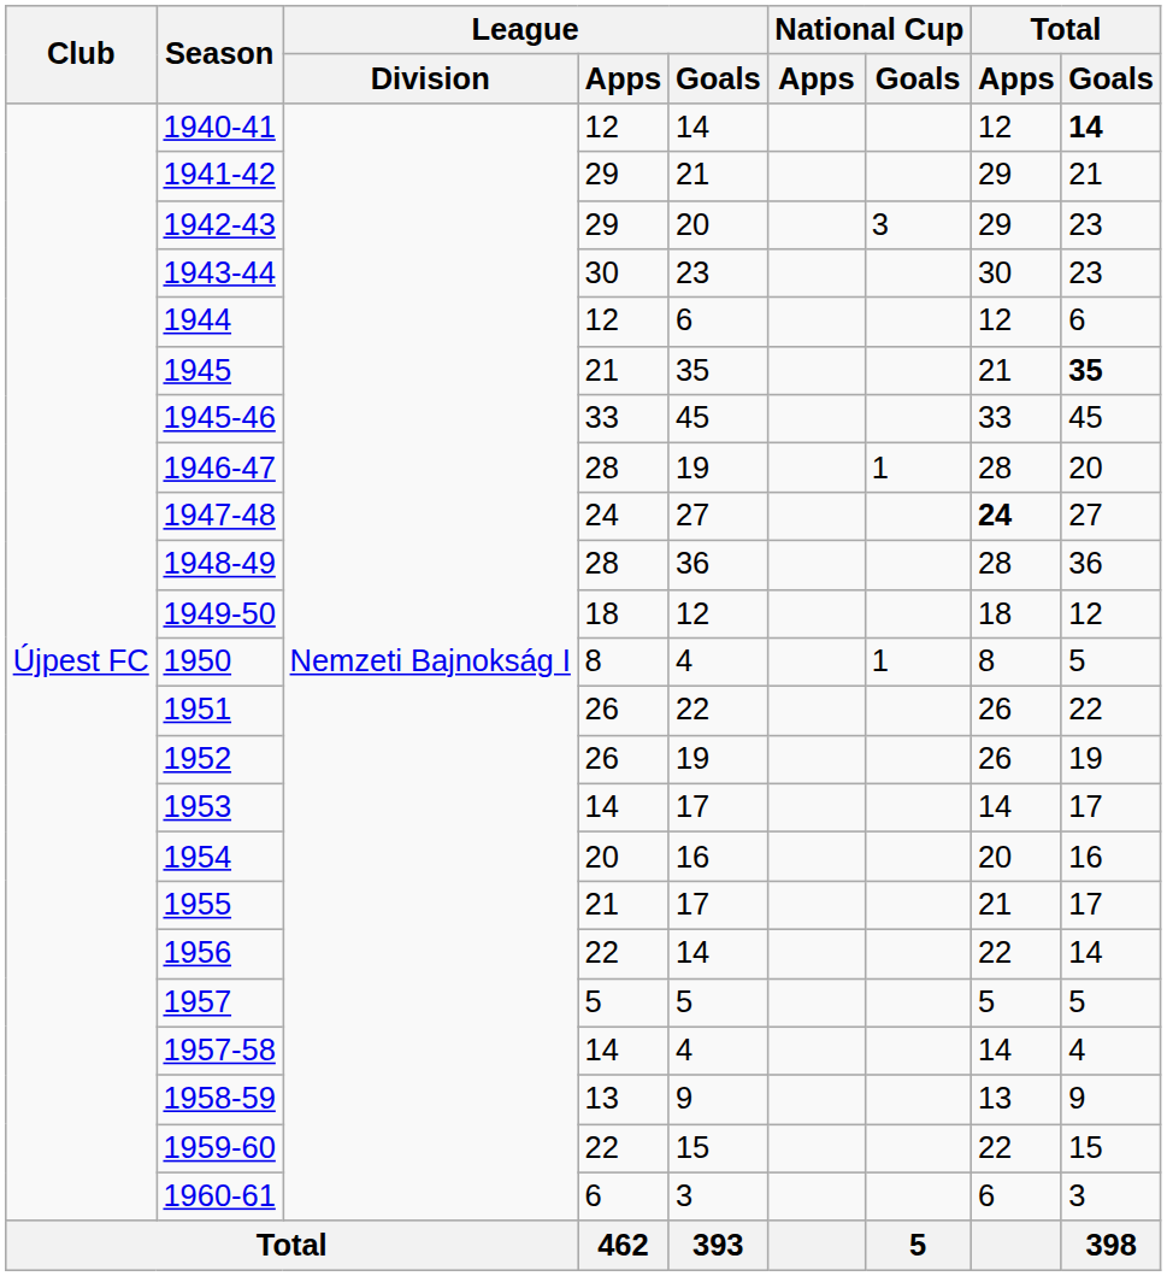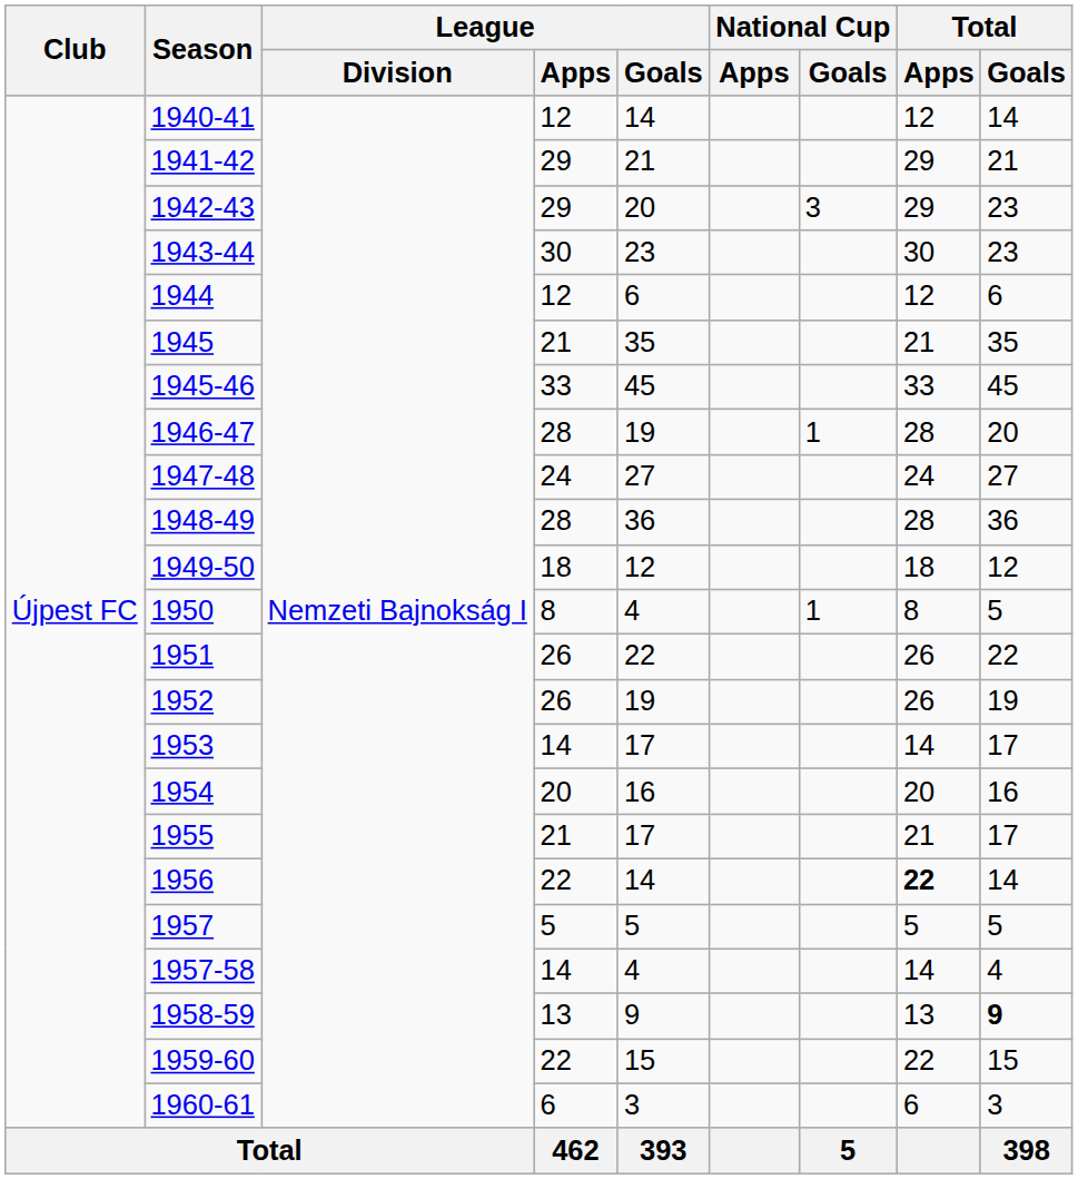 <table class="wikitable">
 <tr>
 <th rowspan="2">Club</th>
 <th rowspan="2">Season</th>
 <th colspan="3">League</th>
 <th colspan="2">National Cup</th>
 <th colspan="2">Total</th>
 </tr>
 <tr>
 <th>Division</th>
 <th>Apps</th>
 <th>Goals</th>
 <th>Apps</th>
 <th>Goals</th>
 <th>Apps</th>
 <th>Goals</th>
 </tr>
 <tr>
 <td rowspan="23"><a href='#'>Újpest FC</a></td>
 <td><a href='#'>1940-41</a></td>
 <td rowspan="23"><a href='#'>Nemzeti Bajnokság I</a></td>
 <td>12</td>
 <td>14</td>
 <td></td>
 <td></td>
 <td>12</td>
-<td><strong>14</strong></td>
+<td>14</td>
 </tr>
 <tr>
 <td><a href='#'>1941-42</a></td>
 <td>29</td>
 <td>21</td>
 <td></td>
 <td></td>
 <td>29</td>
 <td>21</td>
 </tr>
 <tr>
 <td><a href='#'>1942-43</a></td>
 <td>29</td>
 <td>20</td>
 <td></td>
 <td>3</td>
 <td>29</td>
 <td>23</td>
 </tr>
 <tr>
 <td><a href='#'>1943-44</a></td>
 <td>30</td>
 <td>23</td>
 <td></td>
 <td></td>
 <td>30</td>
 <td>23</td>
 </tr>
 <tr>
 <td><a href='#'>1944</a></td>
 <td>12</td>
 <td>6</td>
 <td></td>
 <td></td>
 <td>12</td>
 <td>6</td>
 </tr>
 <tr>
 <td><a href='#'>1945</a></td>
 <td>21</td>
 <td>35</td>
 <td></td>
 <td></td>
 <td>21</td>
-<td><strong>35</strong></td>
+<td>35</td>
 </tr>
 <tr>
 <td><a href='#'>1945-46</a></td>
 <td>33</td>
 <td>45</td>
 <td></td>
 <td></td>
 <td>33</td>
 <td>45</td>
 </tr>
 <tr>
 <td><a href='#'>1946-47</a></td>
 <td>28</td>
 <td>19</td>
 <td></td>
 <td>1</td>
 <td>28</td>
 <td>20</td>
 </tr>
 <tr>
 <td><a href='#'>1947-48</a></td>
 <td>24</td>
 <td>27</td>
 <td></td>
 <td></td>
-<td><strong>24</strong></td>
+<td>24</td>
 <td>27</td>
 </tr>
 <tr>
 <td><a href='#'>1948-49</a></td>
 <td>28</td>
 <td>36</td>
 <td></td>
 <td></td>
 <td>28</td>
 <td>36</td>
 </tr>
 <tr>
 <td><a href='#'>1949-50</a></td>
 <td>18</td>
 <td>12</td>
 <td></td>
 <td></td>
 <td>18</td>
 <td>12</td>
 </tr>
 <tr>
 <td><a href='#'>1950</a></td>
 <td>8</td>
 <td>4</td>
 <td></td>
 <td>1</td>
 <td>8</td>
 <td>5</td>
 </tr>
 <tr>
 <td><a href='#'>1951</a></td>
 <td>26</td>
 <td>22</td>
 <td></td>
 <td></td>
 <td>26</td>
 <td>22</td>
 </tr>
 <tr>
 <td><a href='#'>1952</a></td>
 <td>26</td>
 <td>19</td>
 <td></td>
 <td></td>
 <td>26</td>
 <td>19</td>
 </tr>
 <tr>
 <td><a href='#'>1953</a></td>
 <td>14</td>
 <td>17</td>
 <td></td>
 <td></td>
 <td>14</td>
 <td>17</td>
 </tr>
 <tr>
 <td><a href='#'>1954</a></td>
 <td>20</td>
 <td>16</td>
 <td></td>
 <td></td>
 <td>20</td>
 <td>16</td>
 </tr>
 <tr>
 <td><a href='#'>1955</a></td>
 <td>21</td>
 <td>17</td>
 <td></td>
 <td></td>
 <td>21</td>
 <td>17</td>
 </tr>
 <tr>
 <td><a href='#'>1956</a></td>
 <td>22</td>
 <td>14</td>
 <td></td>
 <td></td>
-<td>22</td>
+<td><strong>22</strong></td>
 <td>14</td>
 </tr>
 <tr>
 <td><a href='#'>1957</a></td>
 <td>5</td>
 <td>5</td>
 <td></td>
 <td></td>
 <td>5</td>
 <td>5</td>
 </tr>
 <tr>
 <td><a href='#'>1957-58</a></td>
 <td>14</td>
 <td>4</td>
 <td></td>
 <td></td>
 <td>14</td>
 <td>4</td>
 </tr>
 <tr>
 <td><a href='#'>1958-59</a></td>
 <td>13</td>
 <td>9</td>
 <td></td>
 <td></td>
 <td>13</td>
-<td>9</td>
+<td><strong>9</strong></td>
 </tr>
 <tr>
 <td><a href='#'>1959-60</a></td>
 <td>22</td>
 <td>15</td>
 <td></td>
 <td></td>
 <td>22</td>
 <td>15</td>
 </tr>
 <tr>
 <td><a href='#'>1960-61</a></td>
 <td>6</td>
 <td>3</td>
 <td></td>
 <td></td>
 <td>6</td>
 <td>3</td>
 </tr>
 <tr>
 <th colspan="3">Total</th>
 <th>462</th>
 <th>393</th>
 <th></th>
 <th>5</th>
 <th></th>
 <th>398</th>
 </tr>
 </table>
